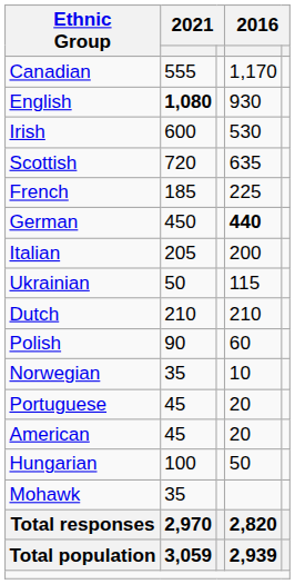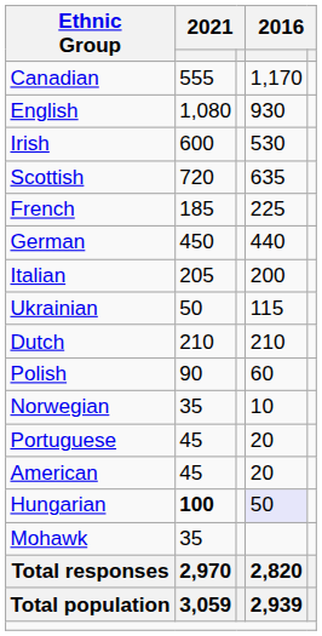 <table class="wikitable collapsible sortable">
 <tr>
 <th rowspan="2"><a href='#'>Ethnic</a><br>Group</th>
 <th colspan="2">2021</th>
 <th colspan="2">2016</th>
 </tr>
 <tr>
 <th><a href='#'></a></th>
 <th></th>
 <th><a href='#'></a></th>
 <th></th>
 </tr>
 <tr>
 <td><a href='#'>Canadian</a></td>
 <td>555</td>
 <td></td>
 <td>1,170</td>
 <td></td>
 </tr>
 <tr>
 <td><a href='#'>English</a></td>
-<td><strong>1,080</strong></td>
+<td>1,080</td>
 <td></td>
 <td>930</td>
 <td></td>
 </tr>
 <tr>
 <td><a href='#'>Irish</a></td>
 <td>600</td>
 <td></td>
 <td>530</td>
 <td></td>
 </tr>
 <tr>
 <td><a href='#'>Scottish</a></td>
 <td>720</td>
 <td></td>
 <td>635</td>
 <td></td>
 </tr>
 <tr>
 <td><a href='#'>French</a></td>
 <td>185</td>
 <td></td>
 <td>225</td>
 <td></td>
 </tr>
 <tr>
 <td><a href='#'>German</a></td>
 <td>450</td>
 <td></td>
-<td><strong>440</strong></td>
+<td>440</td>
 <td></td>
 </tr>
 <tr>
 <td><a href='#'>Italian</a></td>
 <td>205</td>
 <td></td>
 <td>200</td>
 <td></td>
 </tr>
 <tr>
 <td><a href='#'>Ukrainian</a></td>
 <td>50</td>
 <td></td>
 <td>115</td>
 <td></td>
 </tr>
 <tr>
 <td><a href='#'>Dutch</a></td>
 <td>210</td>
 <td></td>
 <td>210</td>
 <td></td>
 </tr>
 <tr>
 <td><a href='#'>Polish</a></td>
 <td>90</td>
 <td></td>
 <td>60</td>
 <td></td>
 </tr>
 <tr>
 <td><a href='#'>Norwegian</a></td>
 <td>35</td>
 <td></td>
 <td>10</td>
 <td></td>
 </tr>
 <tr>
 <td><a href='#'>Portuguese</a></td>
 <td>45</td>
 <td></td>
 <td>20</td>
 <td></td>
 </tr>
 <tr>
 <td><a href='#'>American</a></td>
 <td>45</td>
 <td></td>
 <td>20</td>
 <td></td>
 </tr>
 <tr>
 <td><a href='#'>Hungarian</a></td>
-<td>100</td>
+<td><strong>100</strong></td>
 <td></td>
-<td>50</td>
+<td style="background: lavender;">50</td>
 <td></td>
 </tr>
 <tr>
 <td><a href='#'>Mohawk</a></td>
 <td>35</td>
 <td></td>
 <td></td>
 <td></td>
 </tr>
 <tr>
 <th>Total responses</th>
 <th>2,970</th>
 <th></th>
 <th>2,820</th>
 <th></th>
 </tr>
 <tr>
 <th>Total population</th>
 <th>3,059</th>
 <th></th>
 <th>2,939</th>
 <th></th>
 </tr>
 <tr class="sortbottom">
 <td colspan="15"></td>
 </tr>
 </table>
